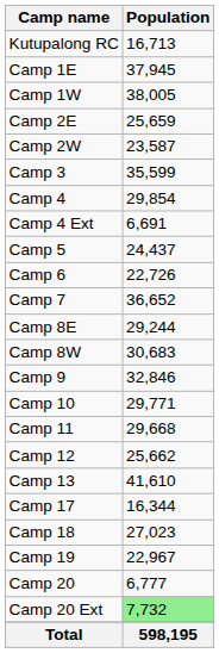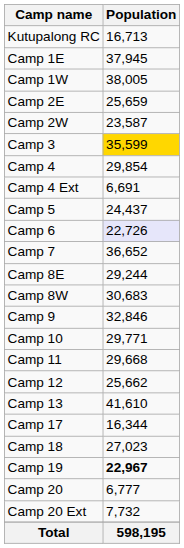 <table class="wikitable sortable floatright">
 <tr>
 <th>Camp name</th>
 <th>Population</th>
 </tr>
 <tr>
 <td>Kutupalong RC</td>
 <td>16,713</td>
 </tr>
 <tr>
 <td>Camp 1E</td>
 <td>37,945</td>
 </tr>
 <tr>
 <td>Camp 1W</td>
 <td>38,005</td>
 </tr>
 <tr>
 <td>Camp 2E</td>
 <td>25,659</td>
 </tr>
 <tr>
 <td>Camp 2W</td>
 <td>23,587</td>
 </tr>
 <tr>
 <td>Camp 3</td>
-<td>35,599</td>
+<td style="background: gold;">35,599</td>
 </tr>
 <tr>
 <td>Camp 4</td>
 <td>29,854</td>
 </tr>
 <tr>
 <td>Camp 4 Ext</td>
 <td>6,691</td>
 </tr>
 <tr>
 <td>Camp 5</td>
 <td>24,437</td>
 </tr>
 <tr>
 <td>Camp 6</td>
-<td>22,726</td>
+<td style="background: lavender;">22,726</td>
 </tr>
 <tr>
 <td>Camp 7</td>
 <td>36,652</td>
 </tr>
 <tr>
 <td>Camp 8E</td>
 <td>29,244</td>
 </tr>
 <tr>
 <td>Camp 8W</td>
 <td>30,683</td>
 </tr>
 <tr>
 <td>Camp 9</td>
 <td>32,846</td>
 </tr>
 <tr>
 <td>Camp 10</td>
 <td>29,771</td>
 </tr>
 <tr>
 <td>Camp 11</td>
 <td>29,668</td>
 </tr>
 <tr>
 <td>Camp 12</td>
 <td>25,662</td>
 </tr>
 <tr>
 <td>Camp 13</td>
 <td>41,610</td>
 </tr>
 <tr>
 <td>Camp 17</td>
 <td>16,344</td>
 </tr>
 <tr>
 <td>Camp 18</td>
 <td>27,023</td>
 </tr>
 <tr>
 <td>Camp 19</td>
-<td>22,967</td>
+<td><strong>22,967</strong></td>
 </tr>
 <tr>
 <td>Camp 20</td>
 <td>6,777</td>
 </tr>
 <tr>
 <td>Camp 20 Ext</td>
-<td style="background: lightgreen;">7,732</td>
+<td>7,732</td>
 </tr>
 <tr>
 </tr>
 <tr class="sortbottom">
 <th>Total</th>
 <th>598,195</th>
 </tr>
 </table>
